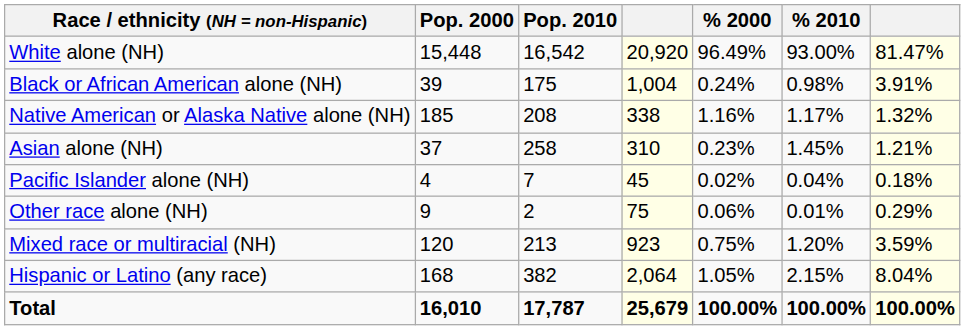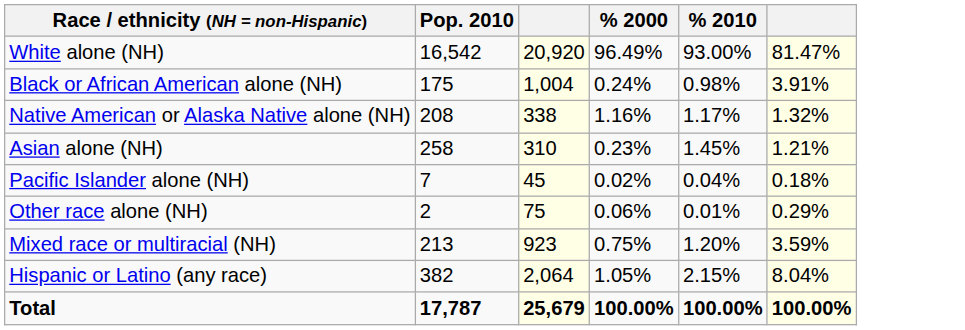 <table class="wikitable">
 <tr>
 <th>Race / ethnicity <small>(<em>NH = non-Hispanic</em>)</small></th>
-<th>Pop. 2000</th>
 <th>Pop. 2010</th>
 <th></th>
 <th>% 2000</th>
 <th>% 2010</th>
 <th></th>
 </tr>
 <tr>
 <td><a href='#'>White</a> alone (NH)</td>
-<td>15,448</td>
 <td>16,542</td>
 <td style='background: #ffffe6;'>20,920</td>
 <td>96.49%</td>
 <td>93.00%</td>
 <td style='background: #ffffe6;'>81.47%</td>
 </tr>
 <tr>
 <td><a href='#'>Black or African American</a> alone (NH)</td>
-<td>39</td>
 <td>175</td>
 <td style='background: #ffffe6;'>1,004</td>
 <td>0.24%</td>
 <td>0.98%</td>
 <td style='background: #ffffe6;'>3.91%</td>
 </tr>
 <tr>
 <td><a href='#'>Native American</a> or <a href='#'>Alaska Native</a> alone (NH)</td>
-<td>185</td>
 <td>208</td>
 <td style='background: #ffffe6;'>338</td>
 <td>1.16%</td>
 <td>1.17%</td>
 <td style='background: #ffffe6;'>1.32%</td>
 </tr>
 <tr>
 <td><a href='#'>Asian</a> alone (NH)</td>
-<td>37</td>
 <td>258</td>
 <td style='background: #ffffe6;'>310</td>
 <td>0.23%</td>
 <td>1.45%</td>
 <td style='background: #ffffe6;'>1.21%</td>
 </tr>
 <tr>
 <td><a href='#'>Pacific Islander</a> alone (NH)</td>
-<td>4</td>
 <td>7</td>
 <td style='background: #ffffe6;'>45</td>
 <td>0.02%</td>
 <td>0.04%</td>
 <td style='background: #ffffe6;'>0.18%</td>
 </tr>
 <tr>
 <td><a href='#'>Other race</a> alone (NH)</td>
-<td>9</td>
 <td>2</td>
 <td style='background: #ffffe6;'>75</td>
 <td>0.06%</td>
 <td>0.01%</td>
 <td style='background: #ffffe6;'>0.29%</td>
 </tr>
 <tr>
 <td><a href='#'>Mixed race or multiracial</a> (NH)</td>
-<td>120</td>
 <td>213</td>
 <td style='background: #ffffe6;'>923</td>
 <td>0.75%</td>
 <td>1.20%</td>
 <td style='background: #ffffe6;'>3.59%</td>
 </tr>
 <tr>
 <td><a href='#'>Hispanic or Latino</a> (any race)</td>
-<td>168</td>
 <td>382</td>
 <td style='background: #ffffe6;'>2,064</td>
 <td>1.05%</td>
 <td>2.15%</td>
 <td style='background: #ffffe6;'>8.04%</td>
 </tr>
 <tr>
 <td><strong>Total</strong></td>
-<td><strong>16,010</strong></td>
 <td><strong>17,787</strong></td>
 <td style='background: #ffffe6;'><strong>25,679</strong></td>
 <td><strong>100.00%</strong></td>
 <td><strong>100.00%</strong></td>
 <td style='background: #ffffe6;'><strong>100.00%</strong></td>
 </tr>
 </table>
